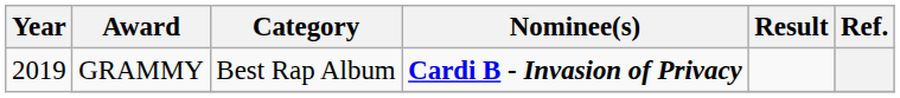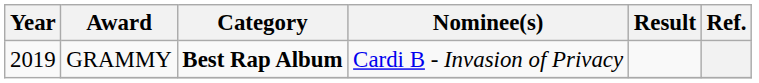 <table class="wikitable">
 <tr>
 <th>Year</th>
 <th>Award</th>
 <th>Category</th>
 <th>Nominee(s)</th>
 <th>Result</th>
 <th>Ref.</th>
 </tr>
 <tr>
 <td rowspan="3">2019</td>
 <td>GRAMMY</td>
-<td>Best Rap Album</td>
-<td><strong><a href='#'>Cardi B</a> - <em>Invasion of Privacy</em></strong></td>
+<td><strong>Best Rap Album</strong></td>
+<td><a href='#'>Cardi B</a> - <em>Invasion of Privacy</em></td>
 <td></td>
 <th align=center></th>
 </tr>
 <tr>
 </tr>
 </table>
